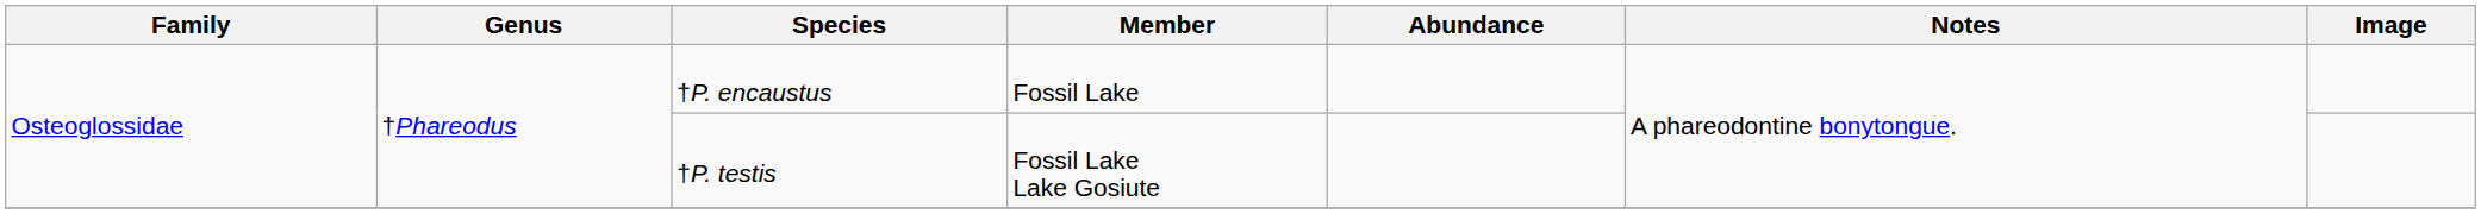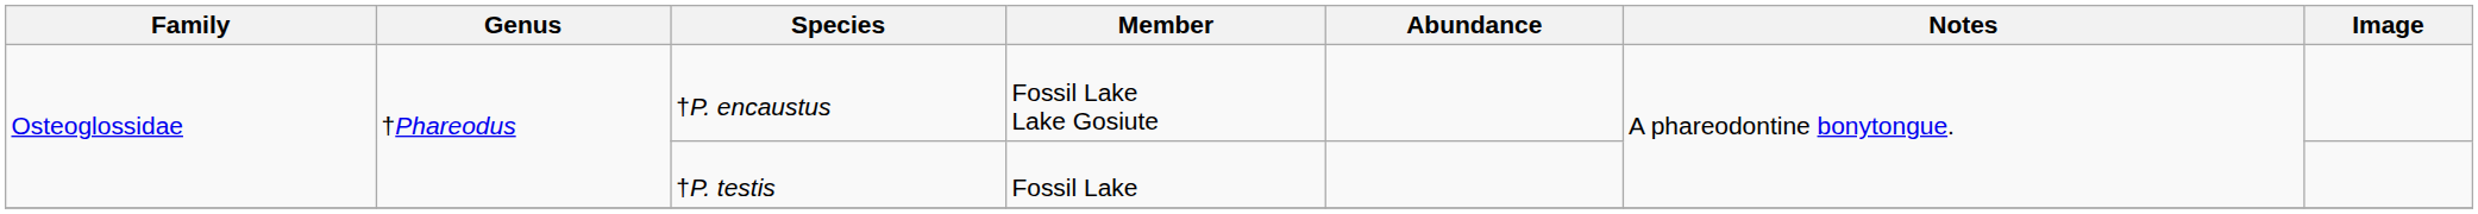 <table class="wikitable" style="margin:auto;width:100%;">
 <tr>
 <th>Family</th>
 <th>Genus</th>
 <th>Species</th>
 <th>Member</th>
 <th>Abundance</th>
 <th>Notes</th>
 <th>Image</th>
 </tr>
 <tr>
 <td rowspan=2><a href='#'>Osteoglossidae</a></td>
 <td rowspan=2>†<em><a href='#'>Phareodus</a></em></td>
 <td><br>†<em>P. encaustus</em> </td>
-<td><br>Fossil Lake</td>
+<td><br>Fossil Lake<br> Lake Gosiute</td>
 <td></td>
 <td rowspan=2>A phareodontine <a href='#'>bonytongue</a>.</td>
 <td><br></td>
 </tr>
 <tr>
 <td><br>†<em>P. testis</em> </td>
-<td><br>Fossil Lake<br> Lake Gosiute</td>
+<td><br>Fossil Lake</td>
 <td></td>
 <td><br></td>
 </tr>
 <tr>
 </tr>
 </table>
